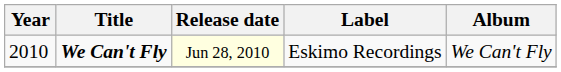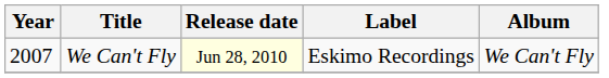 <table class="wikitable">
 <tr>
 <th style="text-align:center; width:35px;">Year</th>
 <th>Title</th>
 <th>Release date</th>
 <th>Label</th>
 <th>Album</th>
 </tr>
 <tr>
-<td>2010</td>
-<td><strong><em>We Can't Fly</em></strong></td>
+<td>2007</td>
+<td><em>We Can't Fly</em></td>
 <td style="background: lightyellow; text-align:center"><small>Jun 28, 2010</small></td>
 <td>Eskimo Recordings</td>
 <td><em>We Can't Fly</em></td>
 </tr>
 <tr>
 </tr>
 </table>
